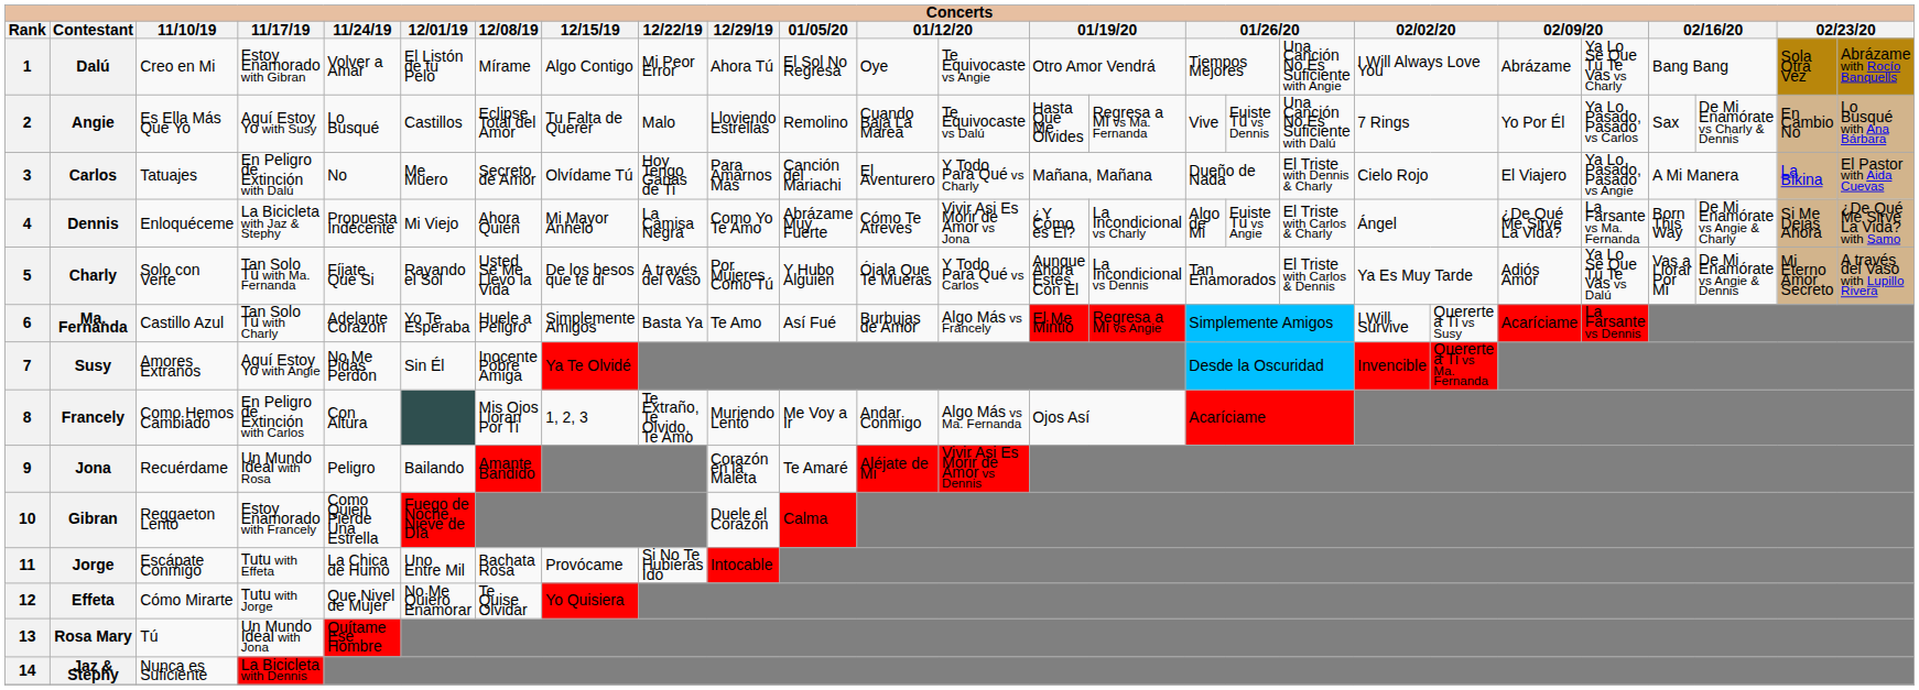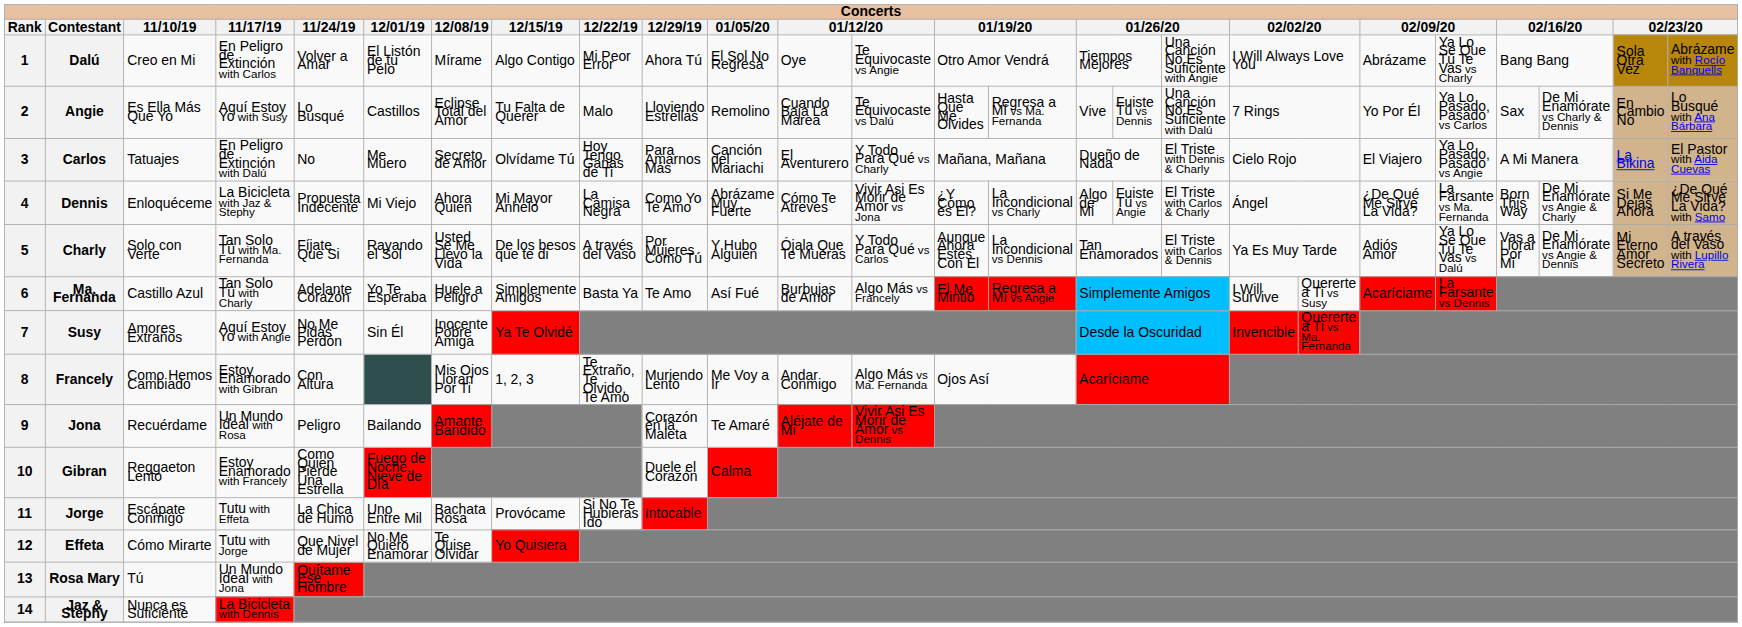 <table class="wikitable collapsible collapsed" style="text-align:left; line-height:10px; line-width:12px;">
 <tr>
 <th colspan="26" style="background:#E7BFA1; color:Black;">Concerts</th>
 </tr>
 <tr>
 <th>Rank</th>
 <th>Contestant</th>
 <th>11/10/19</th>
 <th>11/17/19</th>
 <th>11/24/19</th>
 <th>12/01/19</th>
 <th>12/08/19</th>
 <th>12/15/19</th>
 <th>12/22/19</th>
 <th>12/29/19</th>
 <th>01/05/20</th>
 <th colspan="2">01/12/20</th>
 <th colspan="2">01/19/20</th>
 <th colspan="3">01/26/20</th>
 <th colspan="2">02/02/20</th>
 <th colspan="2">02/09/20</th>
 <th colspan="2">02/16/20</th>
 <th colspan="2">02/23/20</th>
 </tr>
 <tr>
 <th>1</th>
 <th>Dalú</th>
 <td>Creo en Mi</td>
-<td>Estoy Enamorado<small> with Gibran</small></td>
+<td>En Peligro de Extinción<small> with Carlos</small></td>
 <td>Volver a Amar</td>
 <td>El Listón de tu Pelo</td>
 <td>Mírame</td>
 <td>Algo Contigo</td>
 <td>Mi Peor Error</td>
 <td>Ahora Tú</td>
 <td>El Sol No Regresa</td>
 <td>Oye</td>
 <td>Te Equivocaste<small> vs Angie</small></td>
 <td colspan="2">Otro Amor Vendrá</td>
 <td colspan="2">Tiempos Mejores</td>
 <td>Una Canción No Es Suficiente<small> with Angie</small></td>
 <td colspan="2">I Will Always Love You</td>
 <td>Abrázame</td>
 <td>Ya Lo Se Que Tú Te Vas<small> vs Charly</small></td>
 <td colspan="2">Bang Bang</td>
 <td style="background:DarkGoldenrod;">Sola Otra Vez</td>
 <td style="background:DarkGoldenrod;">Abrázame<small> with <a href='#'>Rocío Banquells</a></small></td>
 </tr>
 <tr>
 <th>2</th>
 <th>Angie</th>
 <td>Es Ella Más Que Yo</td>
 <td>Aquí Estoy Yo<small> with Susy</small></td>
 <td>Lo Busqué</td>
 <td>Castillos</td>
 <td>Eclipse Total del Amor</td>
 <td>Tu Falta de Querer</td>
 <td>Malo</td>
 <td>Lloviendo Estrellas</td>
 <td>Remolino</td>
 <td>Cuando Baja La Marea</td>
 <td>Te Equivocaste<small> vs Dalú</small></td>
 <td>Hasta Que Me Olvides</td>
 <td>Regresa a Mí<small> vs Ma. Fernanda</small></td>
 <td>Vive</td>
 <td>Fuiste Tú<small> vs Dennis</small></td>
 <td>Una Canción No Es Suficiente<small> with Dalú</small></td>
 <td colspan="2">7 Rings</td>
 <td>Yo Por Él</td>
 <td>Ya Lo Pasado, Pasado<small> vs Carlos</small></td>
 <td>Sax</td>
 <td>De Mi Enamórate<small> vs Charly & Dennis</small></td>
 <td style="background:Tan;">En Cambio No</td>
 <td style="background:Tan;">Lo Busqué<small> with <a href='#'>Ana Bárbara</a></small></td>
 </tr>
 <tr>
 <th>3</th>
 <th>Carlos</th>
 <td>Tatuajes</td>
 <td>En Peligro de Extinción<small> with Dalú</small></td>
 <td>No</td>
 <td>Me Muero</td>
 <td>Secreto de Amor</td>
 <td>Olvídame Tú</td>
 <td>Hoy Tengo Ganas de Ti</td>
 <td>Para Amarnos Más</td>
 <td>Canción del Mariachi</td>
 <td>El Aventurero</td>
 <td>Y Todo Para Qué<small> vs Charly</small></td>
 <td colspan="2">Mañana, Mañana</td>
 <td colspan="2">Dueño de Nada</td>
 <td>El Triste<small> with Dennis & Charly</small></td>
 <td colspan="2">Cielo Rojo</td>
 <td>El Viajero</td>
 <td>Ya Lo Pasado, Pasado<small> vs Angie</small></td>
 <td colspan="2">A Mi Manera</td>
 <td style="background:Tan;"><a href='#'>La Bikina</a></td>
 <td style="background:Tan;">El Pastor<small> with <a href='#'>Aida Cuevas</a></small></td>
 </tr>
 <tr>
 <th>4</th>
 <th>Dennis</th>
 <td>Enloquéceme</td>
 <td>La Bicicleta<small> with Jaz & Stephy</small></td>
 <td>Propuesta Indecente</td>
 <td>Mi Viejo</td>
 <td>Ahora Quién</td>
 <td>Mi Mayor Anhelo</td>
 <td>La Camisa Negra</td>
 <td>Como Yo Te Amo</td>
 <td>Abrázame Muy Fuerte</td>
 <td>Cómo Te Atreves</td>
 <td>Vivir Asi Es Morir de Amor<small> vs Jona</small></td>
 <td>¿Y Cómo es El?</td>
 <td>La Incondicional<small> vs Charly</small></td>
 <td>Algo de Mi</td>
 <td>Fuiste Tú<small> vs Angie</small></td>
 <td>El Triste<small> with Carlos & Charly</small></td>
 <td colspan="2">Ángel</td>
 <td>¿De Qué Me Sirve La Vida?</td>
 <td>La Farsante<small> vs Ma. Fernanda</small></td>
 <td>Born This Way</td>
 <td>De Mi Enamórate<small> vs Angie & Charly</small></td>
 <td style="background:Tan;">Si Me Dejas Ahora</td>
 <td style="background:Tan;">¿De Qué Me Sirve La Vida?<small> with <a href='#'>Samo</a></small></td>
 </tr>
 <tr>
 <th>5</th>
 <th>Charly</th>
 <td>Solo con Verte</td>
 <td>Tan Solo Tú<small> with Ma. Fernanda</small></td>
 <td>Fíjate Que Si</td>
 <td>Rayando el Sol</td>
 <td>Usted Se Me Llevo la Vida</td>
 <td>De los besos que te di</td>
 <td>A través del Vaso</td>
 <td>Por Mujeres Como Tú</td>
 <td>Y Hubo Alguien</td>
 <td>Ójala Que Te Mueras</td>
 <td>Y Todo Para Qué<small> vs Carlos</small></td>
 <td>Aunque Ahora Estés Con El</td>
 <td>La Incondicional<small> vs Dennis</small></td>
 <td colspan="2">Tan Enamorados</td>
 <td>El Triste<small> with Carlos & Dennis</small></td>
 <td colspan="2">Ya Es Muy Tarde</td>
 <td>Adiós Amor</td>
 <td>Ya Lo Se Que Tú Te Vas<small> vs Dalú</small></td>
 <td>Vas a Llorar Por Mi</td>
 <td>De Mi Enamórate<small> vs Angie & Dennis</small></td>
 <td style="background:Tan;">Mi Eterno Amor Secreto</td>
 <td style="background:Tan;">A través del Vaso<small> with <a href='#'>Lupillo Rivera</a></small></td>
 </tr>
 <tr>
 <th>6</th>
 <th>Ma. Fernanda</th>
 <td>Castillo Azul</td>
 <td>Tan Solo Tú<small> with Charly</small></td>
 <td>Adelante Corazón</td>
 <td>Yo Te Esperaba</td>
 <td>Huele a Peligro</td>
 <td>Simplemente Amigos</td>
 <td>Basta Ya</td>
 <td>Te Amo</td>
 <td>Así Fué</td>
 <td>Burbujas de Amor</td>
 <td>Algo Más<small> vs Francely</small></td>
 <td style="background:red;">El Me Mintió</td>
 <td style="background:red;">Regresa a Mí<small> vs Angie</small></td>
 <td style="background:DeepSkyBlue;" colspan="3">Simplemente Amigos</td>
 <td>I Will Survive</td>
 <td>Quererte a Ti<small> vs Susy</small></td>
 <td style="background:red;">Acaríciame</td>
 <td style="background:red;">La Farsante<small> vs Dennis</small></td>
 <td style="background:gray;" colspan="4"></td>
 </tr>
 <tr>
 <th>7</th>
 <th>Susy</th>
 <td>Amores Extraños</td>
 <td>Aquí Estoy Yo<small> with Angie</small></td>
 <td>No Me Pidas Perdón</td>
 <td>Sin Él</td>
 <td>Inocente Pobre Amiga</td>
 <td style="background:red;">Ya Te Olvidé</td>
 <td style="background:gray;" colspan="7"></td>
 <td style="background:DeepSkyBlue;" colspan="3">Desde la Oscuridad</td>
 <td style="background:red;">Invencible</td>
 <td style="background:red;">Quererte a Ti<small> vs Ma. Fernanda</small></td>
 <td style="background:gray;" colspan="6"></td>
 </tr>
 <tr>
 <th>8</th>
 <th>Francely</th>
 <td>Como Hemos Cambiado</td>
-<td>En Peligro de Extinción<small> with Carlos</small></td>
+<td>Estoy Enamorado<small> with Gibran</small></td>
 <td>Con Altura</td>
 <td style="background:DarkSlategrey;"></td>
 <td>Mis Ojos Lloran Por Ti</td>
 <td>1, 2, 3</td>
 <td>Te Extraño, Te Olvido, Te Amo</td>
 <td>Muriendo Lento</td>
 <td>Me Voy a Ir</td>
 <td>Andar Conmigo</td>
 <td>Algo Más<small> vs Ma. Fernanda</small></td>
 <td colspan="2">Ojos Así</td>
 <td style="background:red;" colspan="3">Acaríciame</td>
 <td style="background:gray;" colspan="8"></td>
 </tr>
 <tr>
 <th>9</th>
 <th>Jona</th>
 <td>Recuérdame</td>
 <td>Un Mundo Ideal<small> with Rosa</small></td>
 <td>Peligro</td>
 <td>Bailando</td>
 <td style="background:red;">Amante Bandido</td>
 <td style="background:gray;" colspan="2"></td>
 <td>Corazón en la Maleta</td>
 <td>Te Amaré</td>
 <td style="background:red;">Aléjate de Mi</td>
 <td style="background:red;">Vivir Asi Es Morir de Amor<small> vs Dennis</small></td>
 <td style="background:gray;" colspan="13"></td>
 </tr>
 <tr>
 <th>10</th>
 <th>Gibran</th>
 <td>Reggaeton Lento</td>
 <td>Estoy Enamorado<small> with Francely</small></td>
 <td>Como Quien Pierde Una Estrella</td>
 <td style="background:red;">Fuego de Noche, Nieve de Día</td>
 <td style="background:gray;" colspan="3"></td>
 <td>Duele el Corazón</td>
 <td style="background:red;">Calma</td>
 <td style="background:gray;" colspan="15"></td>
 </tr>
 <tr>
 <th>11</th>
 <th>Jorge</th>
 <td>Escápate Conmigo</td>
 <td>Tutu<small> with Effeta</small></td>
 <td>La Chica de Humo</td>
 <td>Uno Entre Mil</td>
 <td>Bachata Rosa</td>
 <td>Provócame</td>
 <td>Si No Te Hubieras Ido</td>
 <td style="background:red;">Intocable</td>
 <td style="background:gray;" colspan="16"></td>
 </tr>
 <tr>
 <th>12</th>
 <th>Effeta</th>
 <td>Cómo Mirarte</td>
 <td>Tutu<small> with Jorge</small></td>
 <td>Que Nivel de Mujer</td>
 <td>No Me Quiero Enamorar</td>
 <td>Te Quise Olvidar</td>
 <td style="background:red;">Yo Quisiera</td>
 <td style="background:gray;" colspan="18"></td>
 </tr>
 <tr>
 <th>13</th>
 <th>Rosa Mary</th>
 <td>Tú</td>
 <td>Un Mundo Ideal<small> with Jona</small></td>
 <td style="background:red;">Quítame Ese Hombre</td>
 <td style="background:gray;" colspan="21"></td>
 </tr>
 <tr>
 <th>14</th>
 <th>Jaz & Stephy</th>
 <td>Nunca es Suficiente</td>
 <td style="background:red;">La Bicicleta<small> with Dennis</small></td>
 <td style="background:gray;" colspan="22"></td>
 </tr>
 <tr>
 </tr>
 </table>
